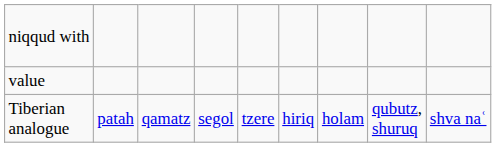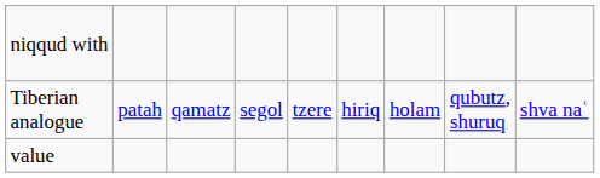 <table class="wikitable" style="font-size: 95%;" style="text-align:center;">
 <tr>
 <td>niqqud with </td>
 <td style="font-family: 'david'; font-size:250%" height=40 valign=top></td>
 <td style="font-family: 'david'; font-size:250%" height=40 valign=top></td>
 <td style="font-family: 'david'; font-size:250%" height=40 valign=top></td>
 <td style="font-family: 'david'; font-size:250%" height=40 valign=top></td>
 <td style="font-family: 'david'; font-size:250%" height=40 valign=top></td>
 <td style="font-family: 'david'; font-size:250%" height=40 valign=top></td>
 <td style="font-family: 'david'; font-size:250%" height=40 valign=top></td>
 <td style="font-family: 'david'; font-size:250%" height=40 valign=top></td>
 </tr>
 <tr>
+<td>Tiberian<br>analogue</td>
+<td><a href='#'>patah</a></td>
+<td><a href='#'>qamatz</a></td>
+<td><a href='#'>segol</a></td>
+<td><a href='#'>tzere</a></td>
+<td><a href='#'>hiriq</a></td>
+<td><a href='#'>holam</a></td>
+<td><a href='#'>qubutz</a>,<br><a href='#'>shuruq</a></td>
+<td><a href='#'>shva naʿ</a></td>
+</tr>
+<tr>
 <td>value</td>
 <td></td>
 <td></td>
 <td></td>
 <td></td>
 <td></td>
 <td></td>
 <td></td>
 <td></td>
 </tr>
-<tr>
-<td>Tiberian<br>analogue</td>
-<td><a href='#'>patah</a></td>
-<td><a href='#'>qamatz</a></td>
-<td><a href='#'>segol</a></td>
-<td><a href='#'>tzere</a></td>
-<td><a href='#'>hiriq</a></td>
-<td><a href='#'>holam</a></td>
-<td><a href='#'>qubutz</a>,<br><a href='#'>shuruq</a></td>
-<td><a href='#'>shva naʿ</a></td>
-</tr>
 </table>
